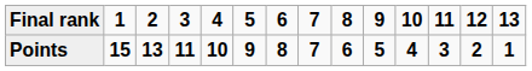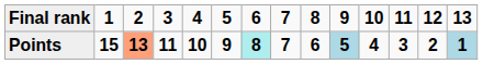 <table class="wikitable" style="font-weight:bold; text-align:center">
 <tr>
 <td align=left bgcolor=#efefef>Final rank</td>
 <td width=20>1</td>
 <td width=20>2</td>
 <td width=20>3</td>
 <td width=20>4</td>
 <td width=20>5</td>
 <td width=20>6</td>
 <td width=20>7</td>
 <td width=20>8</td>
 <td width=20>9</td>
 <td width=20>10</td>
 <td width=20>11</td>
 <td width=20>12</td>
 <td width=20>13</td>
 </tr>
 <tr>
 <td align=left bgcolor=#efefef>Points</td>
 <td width=20>15</td>
-<td width=20>13</td>
+<td width=20 style="background: lightsalmon;">13</td>
 <td width=20>11</td>
 <td width=20>10</td>
 <td width=20>9</td>
-<td width=20>8</td>
+<td width=20 style="background: paleturquoise;">8</td>
 <td width=20>7</td>
 <td width=20>6</td>
-<td width=20>5</td>
+<td width=20 style="background: lightblue;">5</td>
 <td width=20>4</td>
 <td width=20>3</td>
 <td width=20>2</td>
-<td width=20>1</td>
+<td width=20 style="background: lightblue;">1</td>
 </tr>
 </table>
